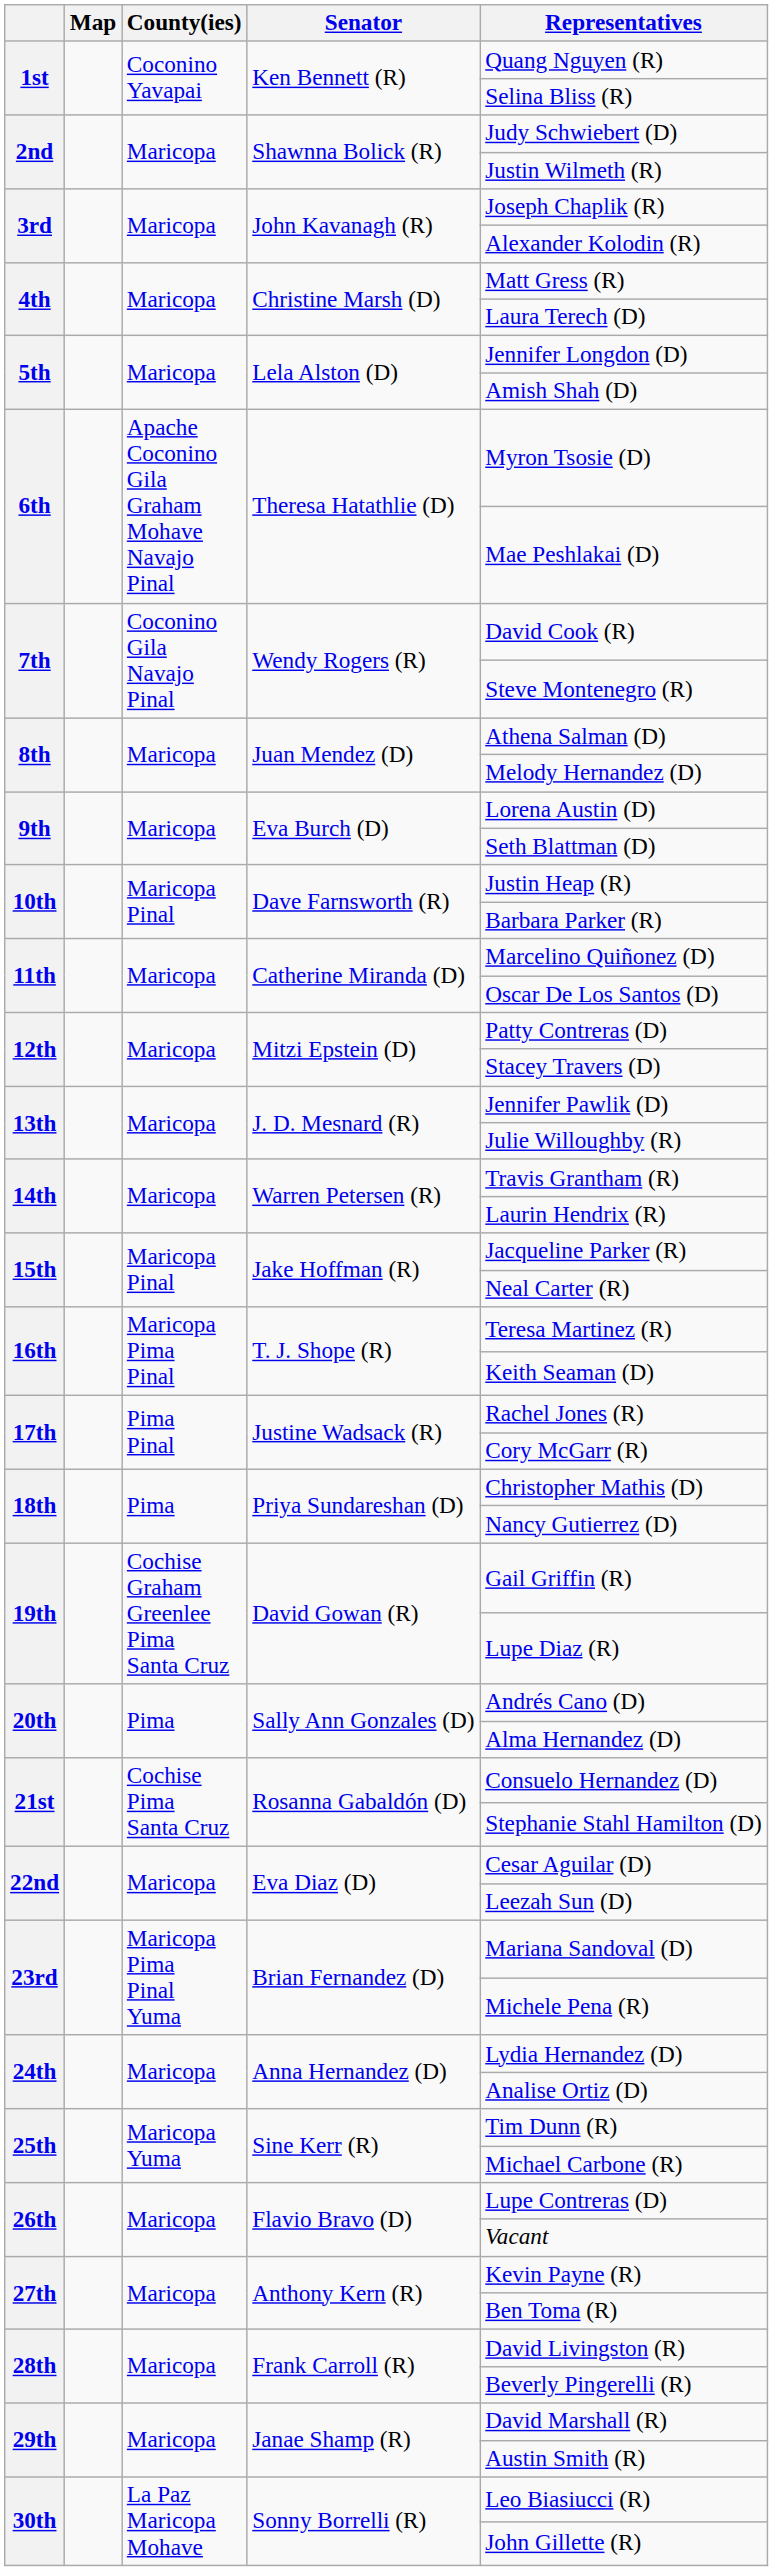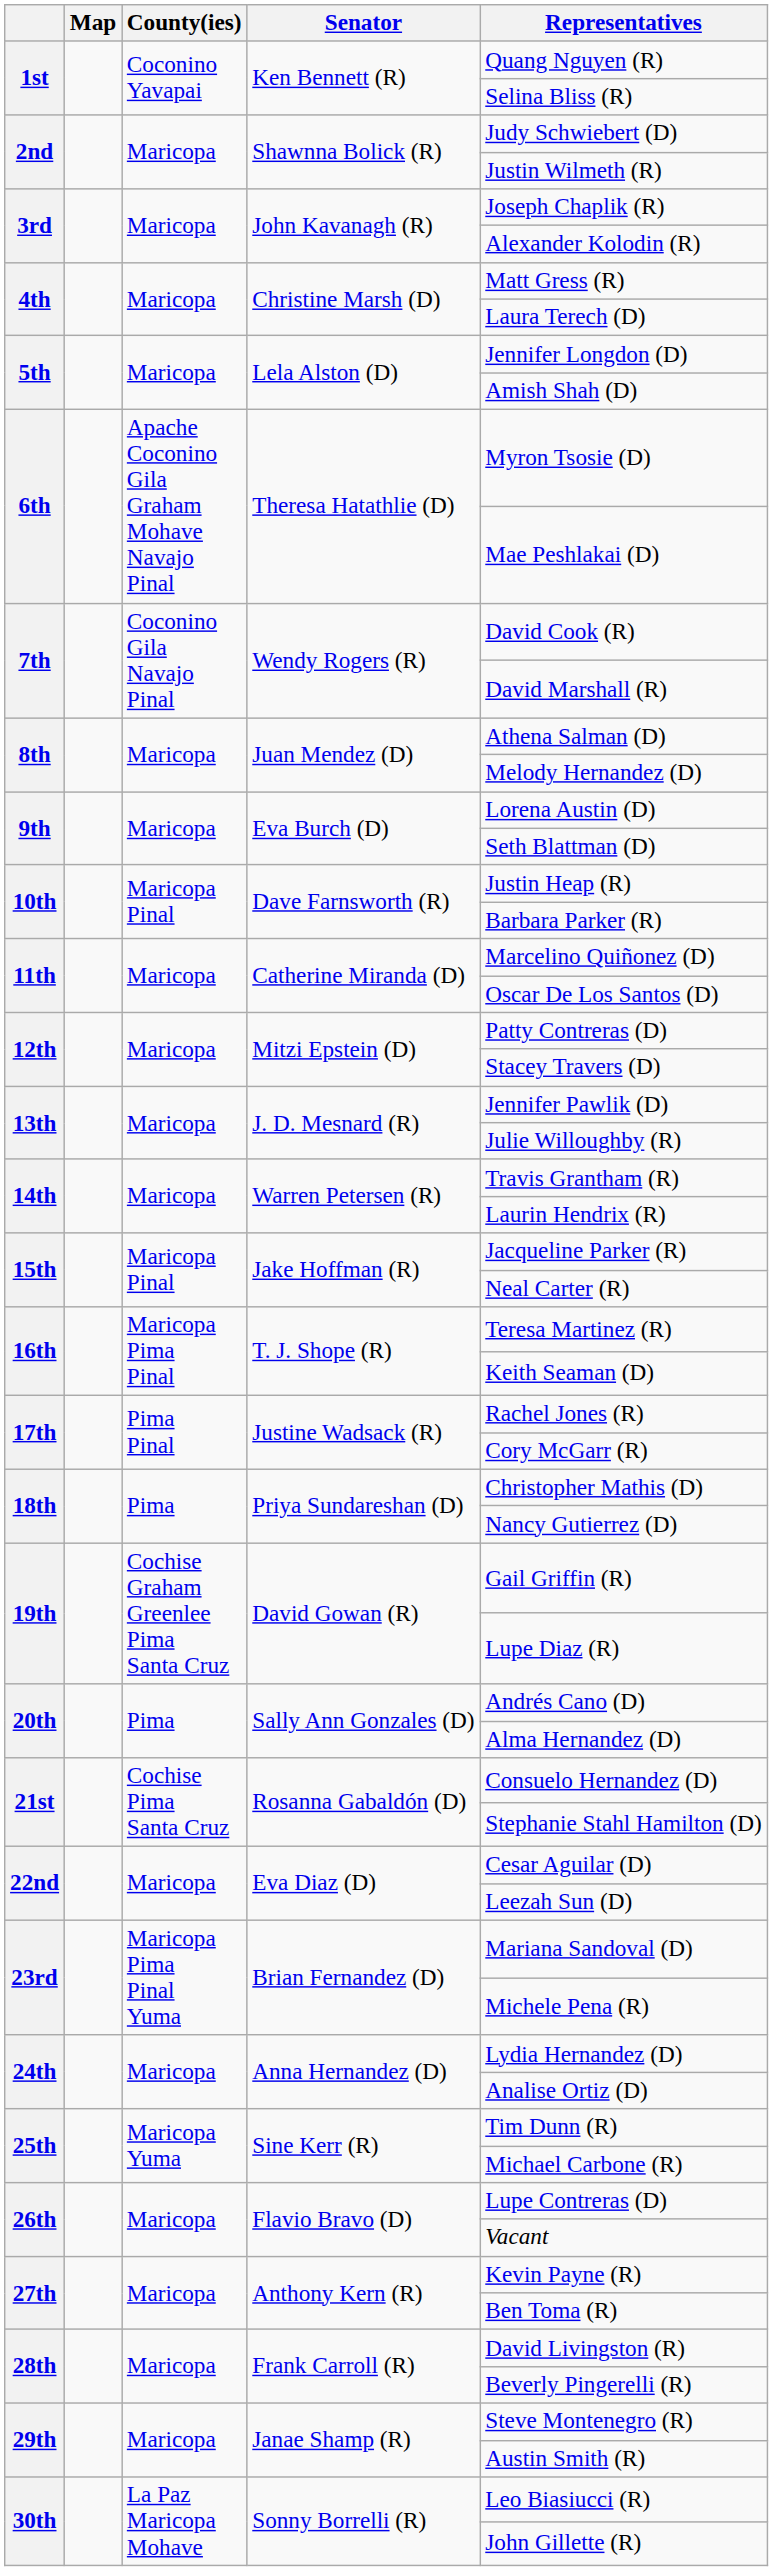 <table class="wikitable">
 <tr>
 <th></th>
 <th>Map</th>
 <th>County(ies)</th>
 <th><a href='#'>Senator</a><br></th>
 <th><a href='#'>Representatives</a><br></th>
 </tr>
 <tr>
 <th rowspan=2><a href='#'>1st</a></th>
 <td rowspan=2></td>
 <td rowspan=2><a href='#'>Coconino</a><br><a href='#'>Yavapai</a></td>
 <td rowspan=2 ><a href='#'>Ken Bennett</a> (R)<br></td>
 <td><a href='#'>Quang Nguyen</a> (R)<br></td>
 </tr>
 <tr>
 <td><a href='#'>Selina Bliss</a> (R)<br></td>
 </tr>
 <tr>
 <th rowspan=2><a href='#'>2nd</a></th>
 <td rowspan=2></td>
 <td rowspan=2><a href='#'>Maricopa</a></td>
 <td rowspan=2 ><a href='#'>Shawnna Bolick</a> (R)<br></td>
 <td><a href='#'>Judy Schwiebert</a> (D)<br></td>
 </tr>
 <tr>
 <td><a href='#'>Justin Wilmeth</a> (R)<br></td>
 </tr>
 <tr>
 <th rowspan=2><a href='#'>3rd</a></th>
 <td rowspan=2></td>
 <td rowspan=2><a href='#'>Maricopa</a></td>
 <td rowspan=2 ><a href='#'>John Kavanagh</a> (R)<br></td>
 <td><a href='#'>Joseph Chaplik</a> (R)<br></td>
 </tr>
 <tr>
 <td><a href='#'>Alexander Kolodin</a> (R)<br></td>
 </tr>
 <tr>
 <th rowspan=2><a href='#'>4th</a></th>
 <td rowspan=2></td>
 <td rowspan=2><a href='#'>Maricopa</a></td>
 <td rowspan=2 ><a href='#'>Christine Marsh</a> (D)<br></td>
 <td><a href='#'>Matt Gress</a> (R)<br></td>
 </tr>
 <tr>
 <td><a href='#'>Laura Terech</a> (D)<br></td>
 </tr>
 <tr>
 <th rowspan=2><a href='#'>5th</a></th>
 <td rowspan=2></td>
 <td rowspan=2><a href='#'>Maricopa</a></td>
 <td rowspan=2 ><a href='#'>Lela Alston</a> (D)<br></td>
 <td><a href='#'>Jennifer Longdon</a> (D)<br></td>
 </tr>
 <tr>
 <td><a href='#'>Amish Shah</a> (D)<br></td>
 </tr>
 <tr>
 <th rowspan=2><a href='#'>6th</a></th>
 <td rowspan=2></td>
 <td rowspan=2><a href='#'>Apache</a><br><a href='#'>Coconino</a><br><a href='#'>Gila</a><br><a href='#'>Graham</a><br><a href='#'>Mohave</a><br><a href='#'>Navajo</a><br><a href='#'>Pinal</a></td>
 <td rowspan=2 ><a href='#'>Theresa Hatathlie</a> (D)<br></td>
 <td><a href='#'>Myron Tsosie</a> (D)<br></td>
 </tr>
 <tr>
 <td><a href='#'>Mae Peshlakai</a> (D)<br></td>
 </tr>
 <tr>
 <th rowspan=2><a href='#'>7th</a></th>
 <td rowspan=2></td>
 <td rowspan=2><a href='#'>Coconino</a><br><a href='#'>Gila</a><br><a href='#'>Navajo</a><br><a href='#'>Pinal</a></td>
 <td rowspan=2 ><a href='#'>Wendy Rogers</a> (R)<br></td>
 <td><a href='#'>David Cook</a> (R)<br></td>
 </tr>
 <tr>
-<td><a href='#'>Steve Montenegro</a> (R)<br></td>
+<td><a href='#'>David Marshall</a> (R)<br></td>
 </tr>
 <tr>
 <th rowspan=2><a href='#'>8th</a></th>
 <td rowspan=2></td>
 <td rowspan=2><a href='#'>Maricopa</a></td>
 <td rowspan=2 ><a href='#'>Juan Mendez</a> (D)<br></td>
 <td><a href='#'>Athena Salman</a> (D)<br></td>
 </tr>
 <tr>
 <td><a href='#'>Melody Hernandez</a> (D)<br></td>
 </tr>
 <tr>
 <th rowspan=2><a href='#'>9th</a></th>
 <td rowspan=2></td>
 <td rowspan=2><a href='#'>Maricopa</a></td>
 <td rowspan=2 ><a href='#'>Eva Burch</a> (D)<br></td>
 <td><a href='#'>Lorena Austin</a> (D)<br></td>
 </tr>
 <tr>
 <td><a href='#'>Seth Blattman</a> (D)<br></td>
 </tr>
 <tr>
 <th rowspan=2><a href='#'>10th</a></th>
 <td rowspan=2></td>
 <td rowspan=2><a href='#'>Maricopa</a><br><a href='#'>Pinal</a></td>
 <td rowspan=2 ><a href='#'>Dave Farnsworth</a> (R)<br></td>
 <td><a href='#'>Justin Heap</a> (R)<br></td>
 </tr>
 <tr>
 <td><a href='#'>Barbara Parker</a> (R)<br></td>
 </tr>
 <tr>
 <th rowspan=2><a href='#'>11th</a></th>
 <td rowspan=2></td>
 <td rowspan=2><a href='#'>Maricopa</a></td>
 <td rowspan=2 ><a href='#'>Catherine Miranda</a> (D)<br></td>
 <td><a href='#'>Marcelino Quiñonez</a> (D)<br></td>
 </tr>
 <tr>
 <td><a href='#'>Oscar De Los Santos</a> (D)<br></td>
 </tr>
 <tr>
 <th rowspan=2><a href='#'>12th</a></th>
 <td rowspan=2></td>
 <td rowspan=2><a href='#'>Maricopa</a></td>
 <td rowspan=2 ><a href='#'>Mitzi Epstein</a> (D)<br></td>
 <td><a href='#'>Patty Contreras</a> (D)<br></td>
 </tr>
 <tr>
 <td><a href='#'>Stacey Travers</a> (D)<br></td>
 </tr>
 <tr>
 <th rowspan=2><a href='#'>13th</a></th>
 <td rowspan=2></td>
 <td rowspan=2><a href='#'>Maricopa</a></td>
 <td rowspan=2 ><a href='#'>J. D. Mesnard</a> (R)<br></td>
 <td><a href='#'>Jennifer Pawlik</a> (D)<br></td>
 </tr>
 <tr>
 <td><a href='#'>Julie Willoughby</a> (R)<br></td>
 </tr>
 <tr>
 <th rowspan=2><a href='#'>14th</a></th>
 <td rowspan=2></td>
 <td rowspan=2><a href='#'>Maricopa</a></td>
 <td rowspan=2 ><a href='#'>Warren Petersen</a> (R)<br></td>
 <td><a href='#'>Travis Grantham</a> (R)<br></td>
 </tr>
 <tr>
 <td><a href='#'>Laurin Hendrix</a> (R)<br></td>
 </tr>
 <tr>
 <th rowspan=2><a href='#'>15th</a></th>
 <td rowspan=2></td>
 <td rowspan=2><a href='#'>Maricopa</a><br><a href='#'>Pinal</a></td>
 <td rowspan=2 ><a href='#'>Jake Hoffman</a> (R)<br></td>
 <td><a href='#'>Jacqueline Parker</a> (R)<br></td>
 </tr>
 <tr>
 <td><a href='#'>Neal Carter</a> (R)<br></td>
 </tr>
 <tr>
 <th rowspan=2><a href='#'>16th</a></th>
 <td rowspan=2></td>
 <td rowspan=2><a href='#'>Maricopa</a><br><a href='#'>Pima</a><br><a href='#'>Pinal</a></td>
 <td rowspan=2 ><a href='#'>T. J. Shope</a> (R)<br></td>
 <td><a href='#'>Teresa Martinez</a> (R)<br></td>
 </tr>
 <tr>
 <td><a href='#'>Keith Seaman</a> (D)<br></td>
 </tr>
 <tr>
 <th rowspan=2><a href='#'>17th</a></th>
 <td rowspan=2></td>
 <td rowspan=2><a href='#'>Pima</a><br><a href='#'>Pinal</a></td>
 <td rowspan=2 ><a href='#'>Justine Wadsack</a> (R)<br></td>
 <td><a href='#'>Rachel Jones</a> (R)<br></td>
 </tr>
 <tr>
 <td><a href='#'>Cory McGarr</a> (R)<br></td>
 </tr>
 <tr>
 <th rowspan=2><a href='#'>18th</a></th>
 <td rowspan=2></td>
 <td rowspan=2><a href='#'>Pima</a></td>
 <td rowspan=2 ><a href='#'>Priya Sundareshan</a> (D)<br></td>
 <td><a href='#'>Christopher Mathis</a> (D)<br></td>
 </tr>
 <tr>
 <td><a href='#'>Nancy Gutierrez</a> (D)<br></td>
 </tr>
 <tr>
 <th rowspan=2><a href='#'>19th</a></th>
 <td rowspan=2></td>
 <td rowspan=2><a href='#'>Cochise</a><br><a href='#'>Graham</a><br><a href='#'>Greenlee</a><br><a href='#'>Pima</a><br><a href='#'>Santa Cruz</a></td>
 <td rowspan=2 ><a href='#'>David Gowan</a> (R)<br></td>
 <td><a href='#'>Gail Griffin</a> (R)<br></td>
 </tr>
 <tr>
 <td><a href='#'>Lupe Diaz</a> (R)<br></td>
 </tr>
 <tr>
 <th rowspan=2><a href='#'>20th</a></th>
 <td rowspan=2></td>
 <td rowspan=2><a href='#'>Pima</a></td>
 <td rowspan=2 ><a href='#'>Sally Ann Gonzales</a> (D)<br></td>
 <td><a href='#'>Andrés Cano</a> (D)<br></td>
 </tr>
 <tr>
 <td><a href='#'>Alma Hernandez</a> (D)<br></td>
 </tr>
 <tr>
 <th rowspan=2><a href='#'>21st</a></th>
 <td rowspan=2></td>
 <td rowspan=2><a href='#'>Cochise</a><br><a href='#'>Pima</a><br><a href='#'>Santa Cruz</a></td>
 <td rowspan=2 ><a href='#'>Rosanna Gabaldón</a> (D)<br></td>
 <td><a href='#'>Consuelo Hernandez</a> (D)<br></td>
 </tr>
 <tr>
 <td><a href='#'>Stephanie Stahl Hamilton</a> (D)<br></td>
 </tr>
 <tr>
 <th rowspan=2><a href='#'>22nd</a></th>
 <td rowspan=2></td>
 <td rowspan=2><a href='#'>Maricopa</a></td>
 <td rowspan=2 ><a href='#'>Eva Diaz</a> (D)<br></td>
 <td><a href='#'>Cesar Aguilar</a> (D)<br></td>
 </tr>
 <tr>
 <td><a href='#'>Leezah Sun</a> (D)<br></td>
 </tr>
 <tr>
 <th rowspan=2><a href='#'>23rd</a></th>
 <td rowspan=2></td>
 <td rowspan=2><a href='#'>Maricopa</a><br><a href='#'>Pima</a><br><a href='#'>Pinal</a><br><a href='#'>Yuma</a></td>
 <td rowspan=2 ><a href='#'>Brian Fernandez</a> (D)<br></td>
 <td><a href='#'>Mariana Sandoval</a> (D)<br></td>
 </tr>
 <tr>
 <td><a href='#'>Michele Pena</a> (R)<br></td>
 </tr>
 <tr>
 <th rowspan=2><a href='#'>24th</a></th>
 <td rowspan=2></td>
 <td rowspan=2><a href='#'>Maricopa</a></td>
 <td rowspan=2 ><a href='#'>Anna Hernandez</a> (D)<br></td>
 <td><a href='#'>Lydia Hernandez</a> (D)<br></td>
 </tr>
 <tr>
 <td><a href='#'>Analise Ortiz</a> (D)<br></td>
 </tr>
 <tr>
 <th rowspan=2><a href='#'>25th</a></th>
 <td rowspan=2></td>
 <td rowspan=2><a href='#'>Maricopa</a><br><a href='#'>Yuma</a></td>
 <td rowspan=2 ><a href='#'>Sine Kerr</a> (R)<br></td>
 <td><a href='#'>Tim Dunn</a> (R)<br></td>
 </tr>
 <tr>
 <td><a href='#'>Michael Carbone</a> (R)<br></td>
 </tr>
 <tr>
 <th rowspan=2><a href='#'>26th</a></th>
 <td rowspan=2></td>
 <td rowspan=2><a href='#'>Maricopa</a></td>
 <td rowspan=2 ><a href='#'>Flavio Bravo</a> (D)<br></td>
 <td><a href='#'>Lupe Contreras</a> (D)<br></td>
 </tr>
 <tr>
 <td><em>Vacant</em></td>
 </tr>
 <tr>
 <th rowspan=2><a href='#'>27th</a></th>
 <td rowspan=2></td>
 <td rowspan=2><a href='#'>Maricopa</a></td>
 <td rowspan=2 ><a href='#'>Anthony Kern</a> (R)<br></td>
 <td><a href='#'>Kevin Payne</a> (R)<br></td>
 </tr>
 <tr>
 <td><a href='#'>Ben Toma</a> (R)<br></td>
 </tr>
 <tr>
 <th rowspan=2><a href='#'>28th</a></th>
 <td rowspan=2></td>
 <td rowspan=2><a href='#'>Maricopa</a></td>
 <td rowspan=2 ><a href='#'>Frank Carroll</a> (R)<br></td>
 <td><a href='#'>David Livingston</a> (R)<br></td>
 </tr>
 <tr>
 <td><a href='#'>Beverly Pingerelli</a> (R)<br></td>
 </tr>
 <tr>
 <th rowspan=2><a href='#'>29th</a></th>
 <td rowspan=2></td>
 <td rowspan=2><a href='#'>Maricopa</a></td>
 <td rowspan=2 ><a href='#'>Janae Shamp</a> (R)<br></td>
-<td><a href='#'>David Marshall</a> (R)<br></td>
+<td><a href='#'>Steve Montenegro</a> (R)<br></td>
 </tr>
 <tr>
 <td><a href='#'>Austin Smith</a> (R)<br></td>
 </tr>
 <tr>
 <th rowspan=2><a href='#'>30th</a></th>
 <td rowspan=2></td>
 <td rowspan=2><a href='#'>La Paz</a><br><a href='#'>Maricopa</a><br><a href='#'>Mohave</a></td>
 <td rowspan=2 ><a href='#'>Sonny Borrelli</a> (R)<br></td>
 <td><a href='#'>Leo Biasiucci</a> (R)<br></td>
 </tr>
 <tr>
 <td><a href='#'>John Gillette</a> (R)<br></td>
 </tr>
 </table>
